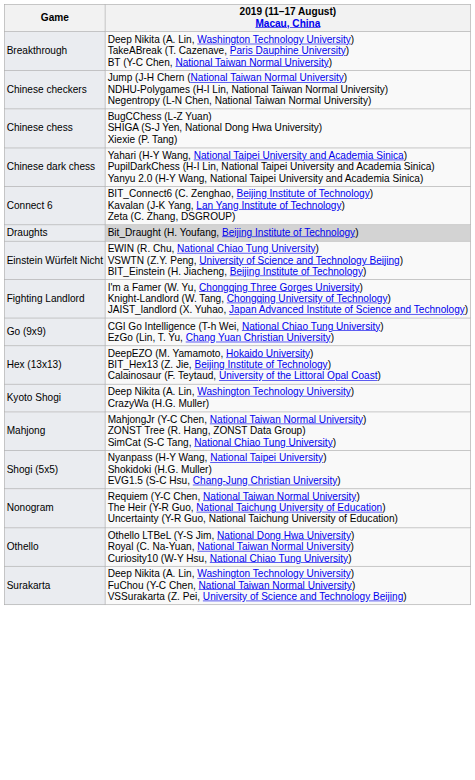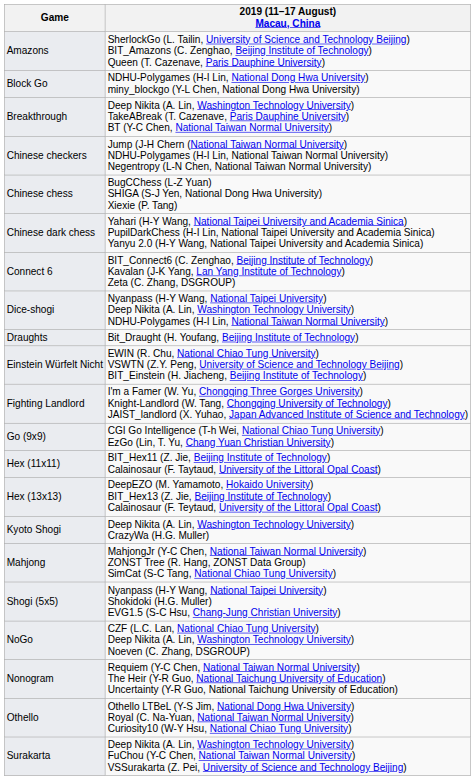 <table class="wikitable sortable">
 <tr>
 <th>Game</th>
 <th>2019 (11–17 August)<br><a href='#'>Macau, China</a></th>
+</tr>
+<tr>
+<td style="background:#EAECF0">Amazons</td>
+<td> SherlockGo (L. Tailin, <a href='#'>University of Science and Technology Beijing</a>)<br> BIT_Amazons (C. Zenghao, <a href='#'>Beijing Institute of Technology</a>)<br> Queen (T. Cazenave, <a href='#'>Paris Dauphine University</a>)</td>
+</tr>
+<tr>
+<td style="background:#EAECF0">Block Go</td>
+<td> NDHU-Polygames (H-I Lin, <a href='#'>National Dong Hwa University</a>)<br> miny_blockgo (Y-L Chen, National Dong Hwa University)</td>
 </tr>
 <tr>
 <td style="background:#EAECF0">Breakthrough</td>
 <td> Deep Nikita (A. Lin, <a href='#'>Washington Technology University</a>)<br> TakeABreak (T. Cazenave, <a href='#'>Paris Dauphine University</a>)<br> BT (Y-C Chen, <a href='#'>National Taiwan Normal University</a>)</td>
 </tr>
 <tr>
 <td style="background:#EAECF0">Chinese checkers</td>
 <td> Jump (J-H Chern (<a href='#'>National Taiwan Normal University</a>)<br> NDHU-Polygames (H-I Lin, National Taiwan Normal University)<br> Negentropy (L-N Chen, National Taiwan Normal University)</td>
 </tr>
 <tr>
 <td style="background:#EAECF0">Chinese chess</td>
 <td> BugCChess (L-Z Yuan)<br> SHIGA (S-J Yen, National Dong Hwa University)<br> Xiexie (P. Tang)</td>
 </tr>
 <tr>
 <td style="background:#EAECF0">Chinese dark chess</td>
 <td> Yahari (H-Y Wang, <a href='#'>National Taipei University and Academia Sinica</a>)<br> PupilDarkChess (H-I Lin, National Taipei University and Academia Sinica)<br> Yanyu 2.0 (H-Y Wang, National Taipei University and Academia Sinica)</td>
 </tr>
 <tr>
 <td style="background:#EAECF0">Connect 6</td>
 <td> BIT_Connect6 (C. Zenghao, <a href='#'>Beijing Institute of Technology</a>)<br> Kavalan (J-K Yang, <a href='#'>Lan Yang Institute of Technology</a>)<br> Zeta (C. Zhang, DSGROUP)</td>
 </tr>
 <tr>
+<td style="background:#EAECF0">Dice-shogi</td>
+<td> Nyanpass (H-Y Wang, <a href='#'>National Taipei University</a>)<br> Deep Nikita (A. Lin, <a href='#'>Washington Technology University</a>)<br> NDHU-Polygames (H-I Lin, <a href='#'>National Taiwan Normal University</a>)</td>
+</tr>
+<tr>
 <td style="background:#EAECF0">Draughts</td>
-<td style="background: lightgrey;"> Bit_Draught (H. Youfang, <a href='#'>Beijing Institute of Technology</a>)</td>
+<td> Bit_Draught (H. Youfang, <a href='#'>Beijing Institute of Technology</a>)</td>
 </tr>
 <tr>
 <td style="background:#EAECF0">Einstein Würfelt Nicht</td>
 <td> EWIN (R. Chu, <a href='#'>National Chiao Tung University</a>)<br> VSWTN (Z.Y. Peng, <a href='#'>University of Science and Technology Beijing</a>)<br> BIT_Einstein (H. Jiacheng, <a href='#'>Beijing Institute of Technology</a>)</td>
 </tr>
 <tr>
 <td style="background:#EAECF0">Fighting Landlord</td>
 <td> I'm a Famer (W. Yu, <a href='#'>Chongqing Three Gorges University</a>)<br> Knight-Landlord (W. Tang, <a href='#'>Chongqing University of Technology</a>)<br> JAIST_landlord (X. Yuhao, <a href='#'>Japan Advanced Institute of Science and Technology</a>)</td>
 </tr>
 <tr>
 <td style="background:#EAECF0">Go (9x9)</td>
 <td> CGI Go Intelligence (T-h Wei, <a href='#'>National Chiao Tung University</a>)<br> EzGo (Lin, T. Yu, <a href='#'>Chang Yuan Christian University</a>)</td>
+</tr>
+<tr>
+<td style="background:#EAECF0">Hex (11x11)</td>
+<td> BIT_Hex11 (Z. Jie, <a href='#'>Beijing Institute of Technology</a>)<br> Calainosaur (F. Taytaud, <a href='#'>University of the Littoral Opal Coast</a>)</td>
 </tr>
 <tr>
 <td style="background:#EAECF0">Hex (13x13)</td>
 <td> DeepEZO (M. Yamamoto, <a href='#'>Hokaido University</a>)<br> BIT_Hex13 (Z. Jie, <a href='#'>Beijing Institute of Technology</a>)<br> Calainosaur (F. Teytaud, <a href='#'>University of the Littoral Opal Coast</a>)</td>
 </tr>
 <tr>
 <td style="background:#EAECF0">Kyoto Shogi</td>
 <td> Deep Nikita (A. Lin, <a href='#'>Washington Technology University</a>)<br> CrazyWa (H.G. Muller)</td>
 </tr>
 <tr>
 <td style="background:#EAECF0">Mahjong</td>
 <td> MahjongJr (Y-C Chen, <a href='#'>National Taiwan Normal University</a>)<br> ZONST Tree (R. Hang, ZONST Data Group)<br> SimCat (S-C Tang, <a href='#'>National Chiao Tung University</a>)</td>
 </tr>
 <tr>
 <td style="background:#EAECF0">Shogi (5x5)</td>
 <td> Nyanpass (H-Y Wang, <a href='#'>National Taipei University</a>)<br> Shokidoki (H.G. Muller)<br> EVG1.5 (S-C Hsu, <a href='#'>Chang-Jung Christian University</a>)</td>
 </tr>
 <tr>
+<td style="background:#EAECF0">NoGo</td>
+<td> CZF (L.C. Lan, <a href='#'>National Chiao Tung University</a>)<br> Deep Nikita (A. Lin, <a href='#'>Washington Technology University</a>)<br> Noeven (C. Zhang, DSGROUP)</td>
+</tr>
+<tr>
 <td style="background:#EAECF0">Nonogram</td>
 <td> Requiem (Y-C Chen, <a href='#'>National Taiwan Normal University</a>)<br> The Heir (Y-R Guo, <a href='#'>National Taichung University of Education</a>)<br>  Uncertainty (Y-R Guo, National Taichung University of Education)</td>
 </tr>
 <tr>
 <td style="background:#EAECF0">Othello</td>
 <td> Othello LTBeL (Y-S Jim, <a href='#'>National Dong Hwa University</a>)<br> Royal (C. Na-Yuan, <a href='#'>National Taiwan Normal University</a>)<br> Curiosity10 (W-Y Hsu, <a href='#'>National Chiao Tung University</a>)</td>
 </tr>
 <tr>
 <td style="background:#EAECF0">Surakarta</td>
 <td> Deep Nikita (A. Lin, <a href='#'>Washington Technology University</a>)<br> FuChou (Y-C Chen, <a href='#'>National Taiwan Normal University</a>)<br> VSSurakarta (Z. Pei, <a href='#'>University of Science and Technology Beijing</a>)</td>
 </tr>
 </table>
